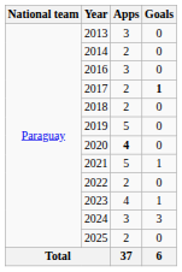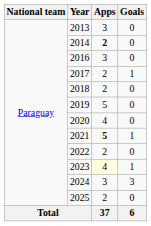 <table class="wikitable" style="text-align:center">
 <tr>
 <th>National team</th>
 <th>Year</th>
 <th>Apps</th>
 <th>Goals</th>
 </tr>
 <tr>
 <td rowspan=12><a href='#'>Paraguay</a></td>
 <td>2013</td>
 <td>3</td>
 <td>0</td>
 </tr>
 <tr>
 <td>2014</td>
-<td>2</td>
+<td><strong>2</strong></td>
 <td>0</td>
 </tr>
 <tr>
 <td>2016</td>
 <td>3</td>
 <td>0</td>
 </tr>
 <tr>
 <td>2017</td>
 <td>2</td>
-<td><strong>1</strong></td>
+<td>1</td>
 </tr>
 <tr>
 <td>2018</td>
 <td>2</td>
 <td>0</td>
 </tr>
 <tr>
 <td>2019</td>
 <td>5</td>
 <td>0</td>
 </tr>
 <tr>
 <td>2020</td>
-<td><strong>4</strong></td>
+<td>4</td>
 <td>0</td>
 </tr>
 <tr>
 <td>2021</td>
-<td>5</td>
+<td><strong>5</strong></td>
 <td>1</td>
 </tr>
 <tr>
 <td>2022</td>
 <td>2</td>
 <td>0</td>
 </tr>
 <tr>
 <td>2023</td>
-<td>4</td>
+<td style="background: lightyellow;">4</td>
 <td>1</td>
 </tr>
 <tr>
 <td>2024</td>
 <td>3</td>
 <td>3</td>
 </tr>
 <tr>
 <td>2025</td>
 <td>2</td>
 <td>0</td>
 </tr>
 <tr>
 <th colspan=2>Total</th>
 <th>37</th>
 <th>6</th>
 </tr>
 </table>
